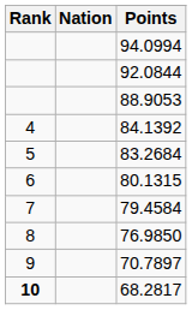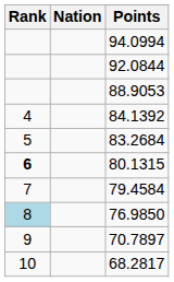 <table class="wikitable sortable" style="text-align:center">
 <tr>
 <th rowspan=2>Rank</th>
 <th rowspan=2>Nation</th>
 </tr>
 <tr>
 <th>Points</th>
 </tr>
 <tr>
 <td></td>
 <td align=left></td>
 <td>94.0994</td>
 </tr>
 <tr>
 <td></td>
 <td align=left></td>
 <td>92.0844</td>
 </tr>
 <tr>
 <td></td>
 <td align=left></td>
 <td>88.9053</td>
 </tr>
 <tr>
 <td>4</td>
 <td align=left></td>
 <td>84.1392</td>
 </tr>
 <tr>
 <td>5</td>
 <td align=left></td>
 <td>83.2684</td>
 </tr>
 <tr>
-<td>6</td>
+<td><strong>6</strong></td>
 <td align=left></td>
 <td>80.1315</td>
 </tr>
 <tr>
 <td>7</td>
 <td align=left></td>
 <td>79.4584</td>
 </tr>
 <tr>
-<td>8</td>
+<td style="background: lightblue;">8</td>
 <td align=left></td>
 <td>76.9850</td>
 </tr>
 <tr>
 <td>9</td>
 <td align=left></td>
 <td>70.7897</td>
 </tr>
 <tr>
-<td><strong>10</strong></td>
+<td>10</td>
 <td align=left></td>
 <td>68.2817</td>
 </tr>
 </table>
